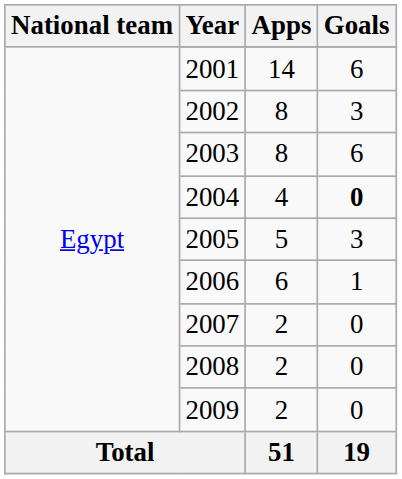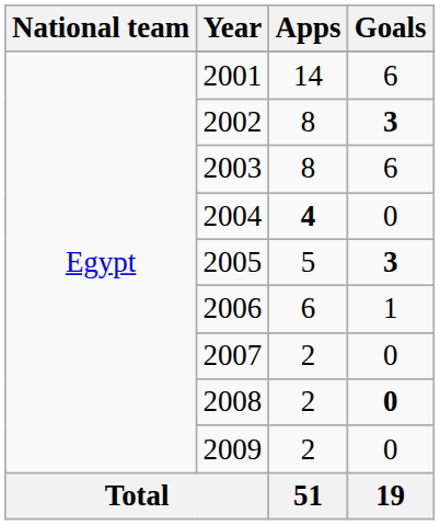 <table class="wikitable" style="text-align:center">
 <tr>
 <th>National team</th>
 <th>Year</th>
 <th>Apps</th>
 <th>Goals</th>
 </tr>
 <tr>
 <td rowspan="10"><a href='#'>Egypt</a></td>
 </tr>
 <tr>
 <td>2001</td>
 <td>14</td>
 <td>6</td>
 </tr>
 <tr>
 <td>2002</td>
 <td>8</td>
-<td>3</td>
+<td><strong>3</strong></td>
 </tr>
 <tr>
 <td>2003</td>
 <td>8</td>
 <td>6</td>
 </tr>
 <tr>
 <td>2004</td>
-<td>4</td>
-<td><strong>0</strong></td>
+<td><strong>4</strong></td>
+<td>0</td>
 </tr>
 <tr>
 <td>2005</td>
 <td>5</td>
-<td>3</td>
+<td><strong>3</strong></td>
 </tr>
 <tr>
 <td>2006</td>
 <td>6</td>
 <td>1</td>
 </tr>
 <tr>
 <td>2007</td>
 <td>2</td>
 <td>0</td>
 </tr>
 <tr>
 <td>2008</td>
 <td>2</td>
-<td>0</td>
+<td><strong>0</strong></td>
 </tr>
 <tr>
 <td>2009</td>
 <td>2</td>
 <td>0</td>
 </tr>
 <tr>
 <th colspan="2">Total</th>
 <th>51</th>
 <th>19</th>
 </tr>
 </table>
